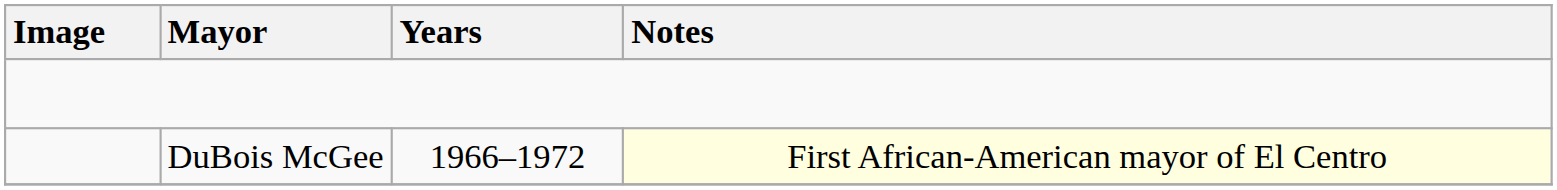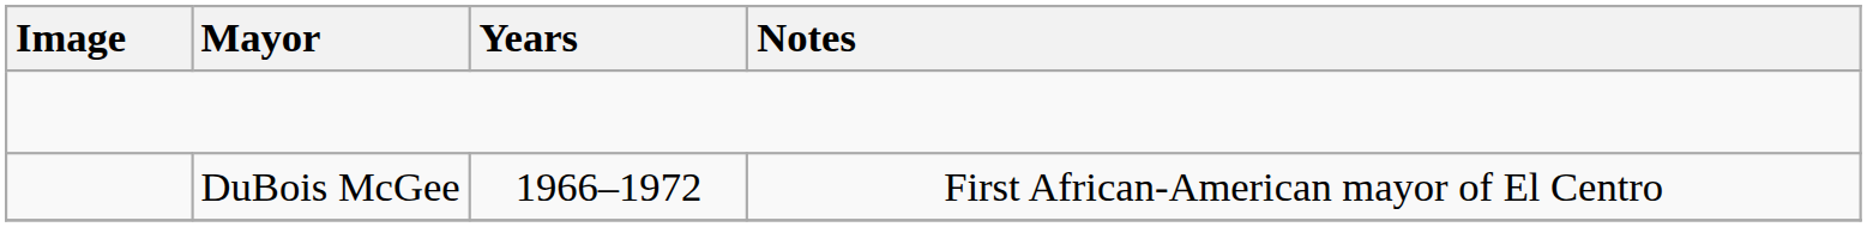 <table class="wikitable" style="text-align:center">
 <tr>
 <th style="text-align:left; width:10%;">Image</th>
 <th style="text-align:left; width:15%;">Mayor</th>
 <th style="text-align:left; width:15%;">Years</th>
 <th style="text-align:left; width:60%;">Notes</th>
 </tr>
 <tr style="height:2em">
 </tr>
 <tr>
 <td></td>
 <td>DuBois McGee</td>
 <td>1966–1972</td>
-<td style="background: lightyellow;">First African-American mayor of El Centro</td>
+<td>First African-American mayor of El Centro</td>
 </tr>
 <tr>
 </tr>
 </table>
